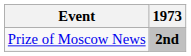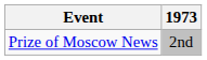 <table class="wikitable" style="text-align:center">
 <tr>
 <th>Event</th>
 <th>1973</th>
 </tr>
 <tr>
 <td align=left><a href='#'>Prize of Moscow News</a></td>
-<td bgcolor=silver><strong>2nd</strong></td>
+<td bgcolor=silver>2nd</td>
 </tr>
 </table>
